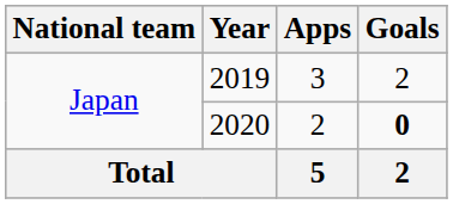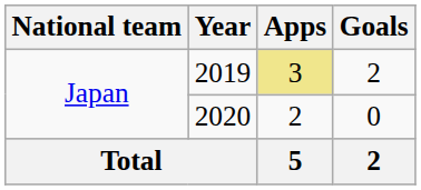 <table class="wikitable" style="text-align:center">
 <tr>
 <th>National team</th>
 <th>Year</th>
 <th>Apps</th>
 <th>Goals</th>
 </tr>
 <tr>
 <td rowspan="2"><a href='#'>Japan</a></td>
 <td>2019</td>
-<td>3</td>
+<td style="background: khaki;">3</td>
 <td>2</td>
 </tr>
 <tr>
 <td>2020</td>
 <td>2</td>
-<td><strong>0</strong></td>
+<td>0</td>
 </tr>
 <tr>
 <th colspan="2">Total</th>
 <th>5</th>
 <th>2</th>
 </tr>
 </table>
